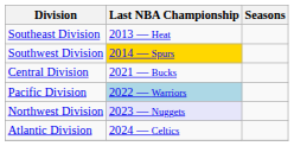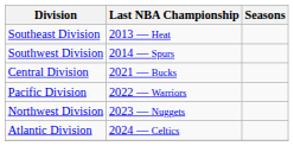 <table class="wikitable">
 <tr>
 <th>Division</th>
 <th>Last NBA Championship</th>
 <th>Seasons</th>
 </tr>
 <tr>
 <td><a href='#'>Southeast Division</a></td>
 <td><a href='#'>2013 — <small>Heat</small></a></td>
 <td align="center"></td>
 </tr>
 <tr>
 <td><a href='#'>Southwest Division</a></td>
-<td style="background: gold;"><a href='#'>2014 — <small>Spurs</small></a></td>
+<td><a href='#'>2014 — <small>Spurs</small></a></td>
 <td align="center"></td>
 </tr>
 <tr>
 <td><a href='#'>Central Division</a></td>
 <td><a href='#'>2021 — <small>Bucks</small></a></td>
 <td align="center"></td>
 </tr>
 <tr>
 <td><a href='#'>Pacific Division</a></td>
-<td style="background: lightblue;"><a href='#'>2022 — <small>Warriors</small></a></td>
+<td><a href='#'>2022 — <small>Warriors</small></a></td>
 <td align="center"></td>
 </tr>
 <tr>
 <td><a href='#'>Northwest Division</a></td>
-<td style="background: lavender;"><a href='#'>2023 — <small>Nuggets</small></a></td>
+<td><a href='#'>2023 — <small>Nuggets</small></a></td>
 <td align="center"></td>
 </tr>
 <tr>
 <td><a href='#'>Atlantic Division</a></td>
 <td><a href='#'>2024 — <small>Celtics</small></a></td>
 <td align="center"></td>
 </tr>
 <tr>
 </tr>
 </table>
